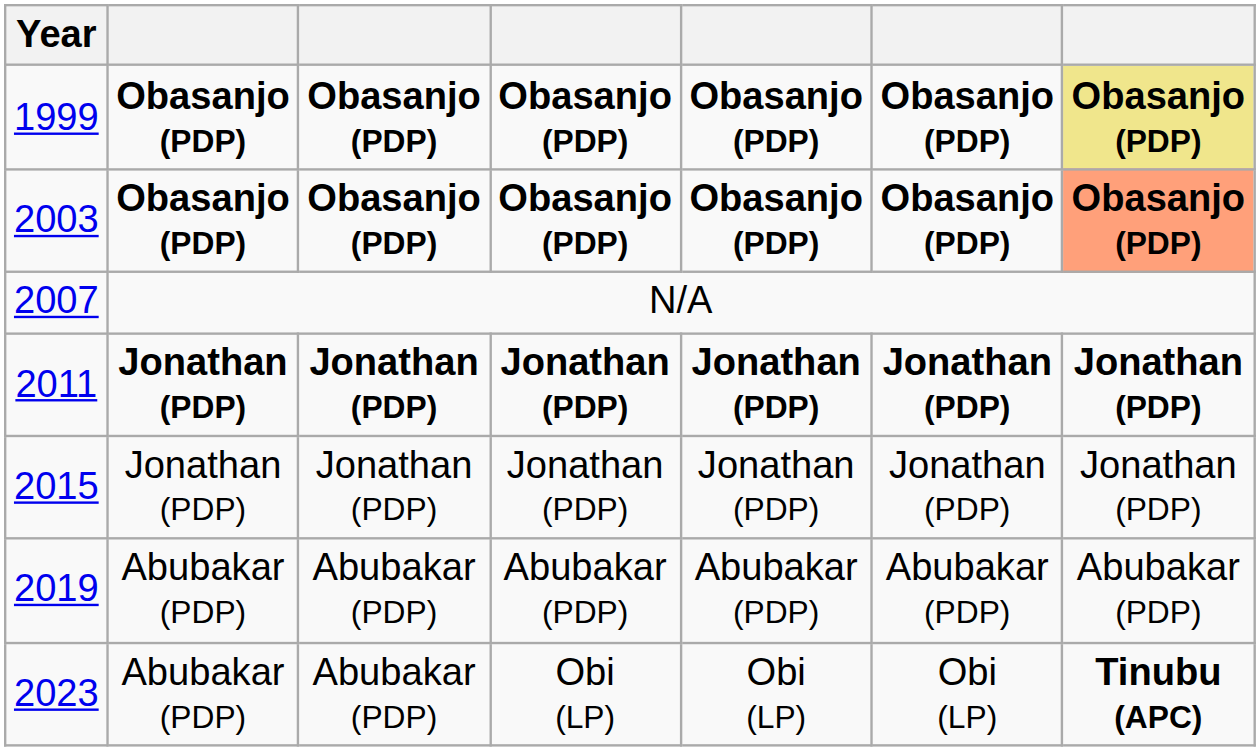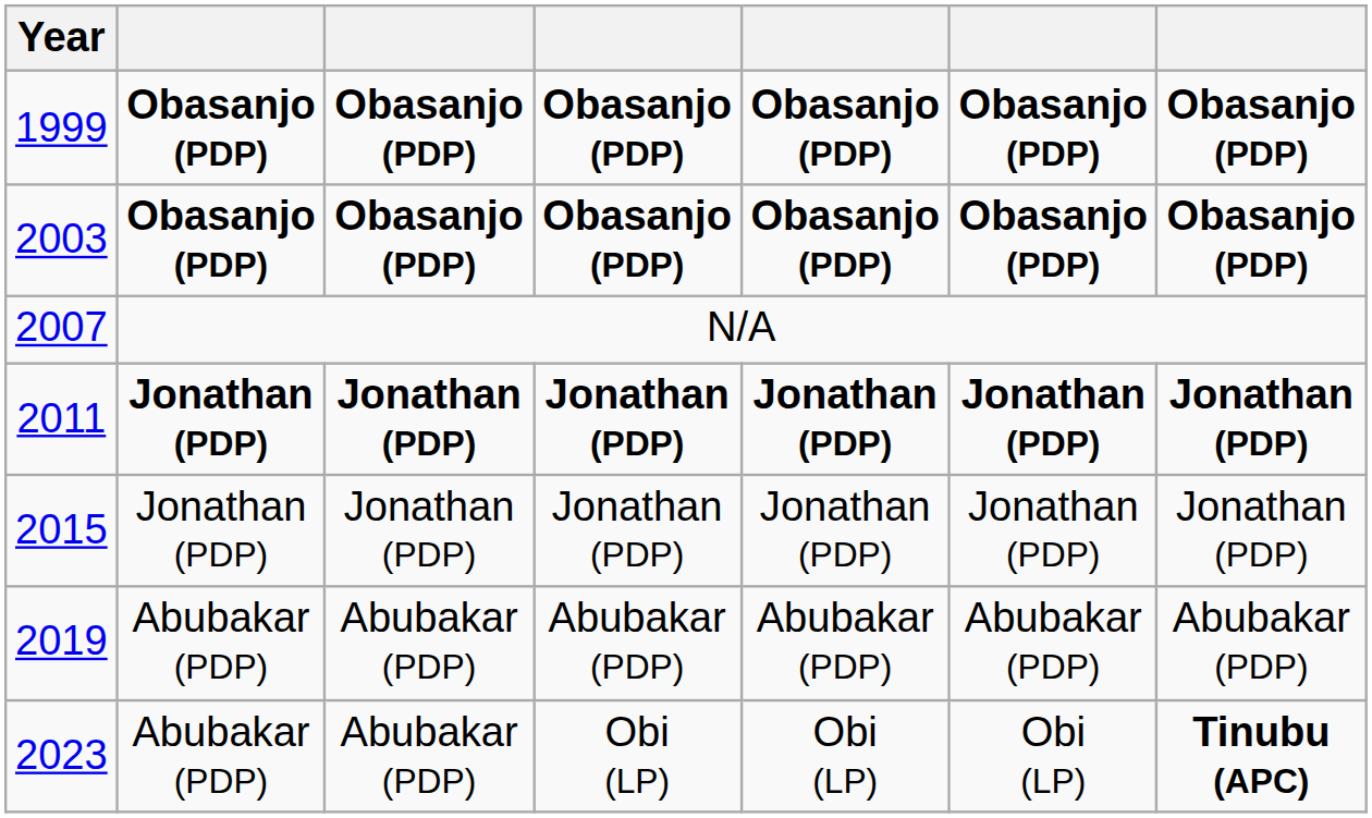 <table class=wikitable style="text-align:center">
 <tr>
 <th>Year</th>
 <th></th>
 <th></th>
 <th></th>
 <th></th>
 <th></th>
 <th></th>
 </tr>
 <tr>
 <td><a href='#'>1999</a></td>
 <td><strong>Obasanjo<br><small>(PDP)</small></strong></td>
 <td><strong>Obasanjo<br><small>(PDP)</small></strong></td>
 <td><strong>Obasanjo<br><small>(PDP)</small></strong></td>
 <td><strong>Obasanjo<br><small>(PDP)</small></strong></td>
 <td><strong>Obasanjo<br><small>(PDP)</small></strong></td>
-<td style="background: khaki;"><strong>Obasanjo<br><small>(PDP)</small></strong></td>
+<td><strong>Obasanjo<br><small>(PDP)</small></strong></td>
 </tr>
 <tr>
 <td><a href='#'>2003</a></td>
 <td><strong>Obasanjo<br><small>(PDP)</small></strong></td>
 <td><strong>Obasanjo<br><small>(PDP)</small></strong></td>
 <td><strong>Obasanjo<br><small>(PDP)</small></strong></td>
 <td><strong>Obasanjo<br><small>(PDP)</small></strong></td>
 <td><strong>Obasanjo<br><small>(PDP)</small></strong></td>
-<td style="background: lightsalmon;"><strong>Obasanjo<br><small>(PDP)</small></strong></td>
+<td><strong>Obasanjo<br><small>(PDP)</small></strong></td>
 </tr>
 <tr>
 <td><a href='#'>2007</a></td>
 <td colspan=6>N/A</td>
 </tr>
 <tr>
 <td><a href='#'>2011</a></td>
 <td><strong>Jonathan<br><small>(PDP)</small></strong></td>
 <td><strong>Jonathan<br><small>(PDP)</small></strong></td>
 <td><strong>Jonathan<br><small>(PDP)</small></strong></td>
 <td><strong>Jonathan<br><small>(PDP)</small></strong></td>
 <td><strong>Jonathan<br><small>(PDP)</small></strong></td>
 <td><strong>Jonathan<br><small>(PDP)</small></strong></td>
 </tr>
 <tr>
 <td><a href='#'>2015</a></td>
 <td>Jonathan<br><small>(PDP)</small></td>
 <td>Jonathan<br><small>(PDP)</small></td>
 <td>Jonathan<br><small>(PDP)</small></td>
 <td>Jonathan<br><small>(PDP)</small></td>
 <td>Jonathan<br><small>(PDP)</small></td>
 <td>Jonathan<br><small>(PDP)</small></td>
 </tr>
 <tr>
 <td><a href='#'>2019</a></td>
 <td>Abubakar<br><small>(PDP)</small></td>
 <td>Abubakar<br><small>(PDP)</small></td>
 <td>Abubakar<br><small>(PDP)</small></td>
 <td>Abubakar<br><small>(PDP)</small></td>
 <td>Abubakar<br><small>(PDP)</small></td>
 <td>Abubakar<br><small>(PDP)</small></td>
 </tr>
 <tr>
 <td><a href='#'>2023</a></td>
 <td>Abubakar<br><small>(PDP)</small></td>
 <td>Abubakar<br><small>(PDP)</small></td>
 <td>Obi<br><small>(LP)</small></td>
 <td>Obi<br><small>(LP)</small></td>
 <td>Obi<br><small>(LP)</small></td>
 <td><strong>Tinubu<br><small>(APC)</small></strong></td>
 </tr>
 </table>
